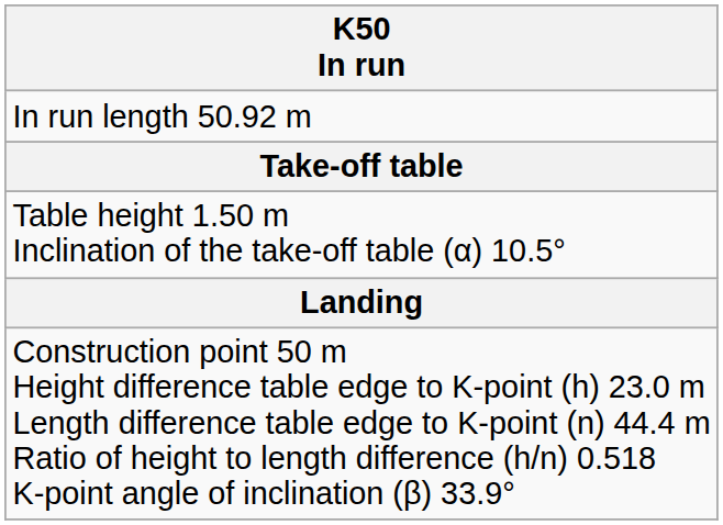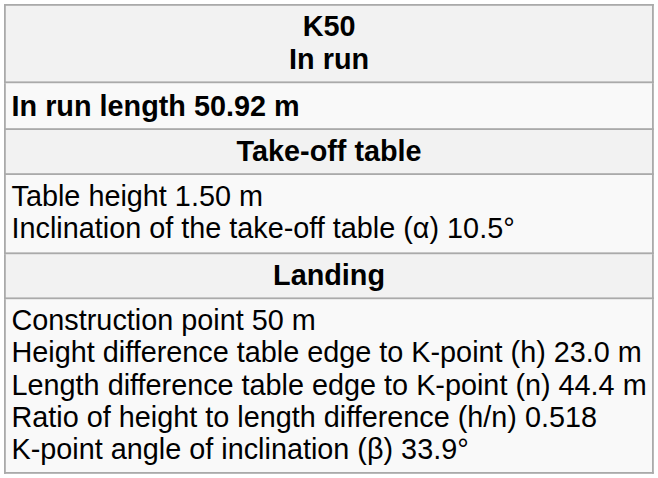 <table class="wikitable">
 <tr>
 <th><strong>K50</strong><br><strong>In run</strong></th>
 </tr>
 <tr>
-<td>In run length                                                50.92 m</td>
+<td><strong>In run length                                                50.92 m</strong></td>
 </tr>
 <tr>
 <th><strong>Take-off table</strong></th>
 </tr>
 <tr>
 <td>Table height                                                  1.50 m<br>Inclination of the take-off table (α)              10.5°</td>
 </tr>
 <tr>
 <th><strong>Landing</strong></th>
 </tr>
 <tr>
 <td>Construction point                                           50 m<br>Height difference table edge to K-point (h)    23.0 m<br>Length difference table edge to K-point (n)   44.4 m<br>Ratio of height to length difference (h/n)        0.518<br>K-point angle of inclination (β)                        33.9°</td>
 </tr>
 </table>
